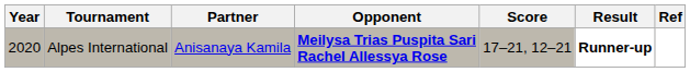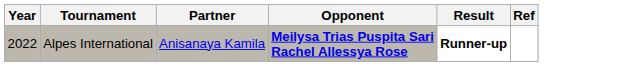 <table class="sortable wikitable" style="font-size: 90%">
 <tr>
 <th>Year</th>
 <th>Tournament</th>
 <th>Partner</th>
 <th>Opponent</th>
-<th>Score</th>
 <th>Result</th>
 <th>Ref</th>
 </tr>
 <tr style="background:#BDB8AD">
-<td align="center">2020</td>
+<td align="center">2022</td>
 <td align="left">Alpes International</td>
 <td align="left"> <a href='#'>Anisanaya Kamila</a></td>
 <td align="left"><strong> <a href='#'>Meilysa Trias Puspita Sari</a><br> <a href='#'>Rachel Allessya Rose</a></strong></td>
-<td align="left">17–21, 12–21</td>
 <td style="text-align:left; background:white"> <strong>Runner-up</strong></td>
 <td style="text-align:center; background:white"></td>
 </tr>
 </table>
